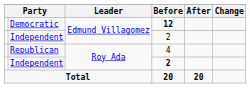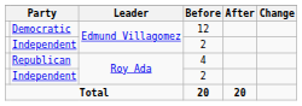 <table class="wikitable" style="text-align:center;">
 <tr>
 </tr>
 <tr>
 <th colspan="2">Party</th>
 <th>Leader</th>
 <th style="width:3em">Before</th>
 <th style="width:3em">After</th>
 <th style="width:3em">Change</th>
 </tr>
 <tr>
 <td style="background-color:"></td>
 <td style="text-align:left;"><a href='#'>Democratic</a></td>
 <td rowspan="2"><a href='#'>Edmund Villagomez</a></td>
-<td><strong>12</strong></td>
+<td>12</td>
 <td></td>
 <td></td>
 </tr>
 <tr>
 <td style="background-color:"></td>
 <td style="text-align:left;"><a href='#'>Independent</a></td>
 <td>2</td>
 <td></td>
 <td></td>
 </tr>
 <tr>
 <td style="background-color:"></td>
 <td style="text-align:left;"><a href='#'>Republican</a></td>
 <td rowspan="2"><a href='#'>Roy Ada</a></td>
 <td>4</td>
 <td></td>
 <td></td>
 </tr>
 <tr>
 <td style="background-color:"></td>
 <td style="text-align:left;"><a href='#'>Independent</a></td>
-<td><strong>2</strong></td>
+<td>2</td>
 <td></td>
 <td></td>
 </tr>
 <tr>
 <td colspan="3"><strong>Total</strong></td>
 <td><strong>20</strong></td>
 <td><strong>20</strong></td>
 <td></td>
 </tr>
 </table>
